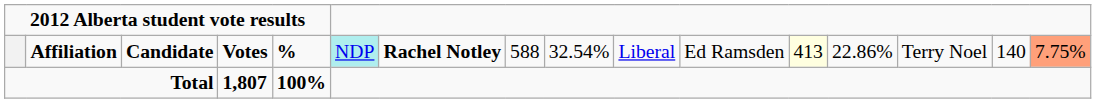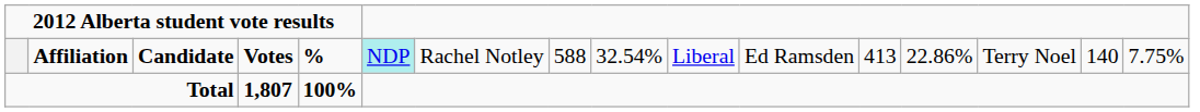 <table class="wikitable">
 <tr>
 <td colspan="5" align="center"><strong>2012 Alberta student vote results</strong></td>
 </tr>
 <tr>
 <th style="width: 10px;"></th>
 <td><strong>Affiliation</strong></td>
 <td><strong>Candidate</strong></td>
 <td><strong>Votes</strong></td>
 <td><strong>%</strong><br></td>
 <td style="background: paleturquoise;"><a href='#'>NDP</a></td>
-<td><strong>Rachel Notley</strong></td>
+<td>Rachel Notley</td>
 <td>588</td>
 <td>32.54%<br> </td>
 <td><a href='#'>Liberal</a></td>
 <td>Ed Ramsden</td>
-<td style="background: lightyellow;">413</td>
+<td>413</td>
 <td>22.86%<br> </td>
 <td>Terry Noel</td>
 <td>140</td>
-<td style="background: lightsalmon;">7.75%</td>
+<td>7.75%</td>
 </tr>
 <tr>
 <td colspan="3" align="right"><strong>Total</strong></td>
 <td><strong>1,807</strong></td>
 <td><strong>100%</strong></td>
 </tr>
 </table>
